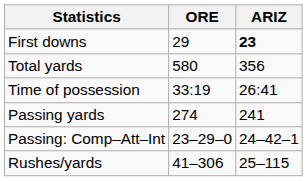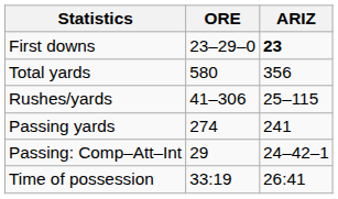 <table class="wikitable" style="float: left;">
 <tr>
 <th>Statistics</th>
 <th>ORE</th>
 <th>ARIZ</th>
 </tr>
 <tr>
 <td>First downs</td>
-<td>29</td>
+<td>23–29–0</td>
 <td><strong>23</strong></td>
 </tr>
 <tr>
 <td>Total yards</td>
 <td>580</td>
 <td>356</td>
 </tr>
 <tr>
-<td>Time of possession</td>
-<td>33:19</td>
-<td>26:41</td>
+<td>Rushes/yards</td>
+<td>41–306</td>
+<td>25–115</td>
 </tr>
 <tr>
 <td>Passing yards</td>
 <td>274</td>
 <td>241</td>
 </tr>
 <tr>
 <td>Passing: Comp–Att–Int</td>
-<td>23–29–0</td>
+<td>29</td>
 <td>24–42–1</td>
 </tr>
 <tr>
-<td>Rushes/yards</td>
-<td>41–306</td>
-<td>25–115</td>
+<td>Time of possession</td>
+<td>33:19</td>
+<td>26:41</td>
 </tr>
 </table>
